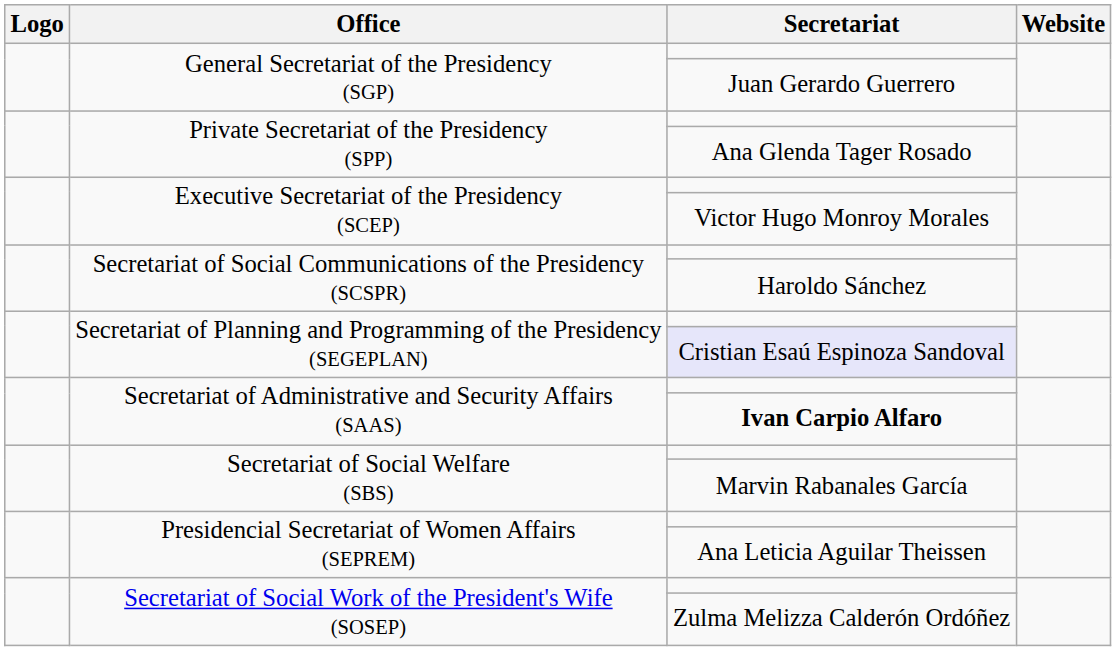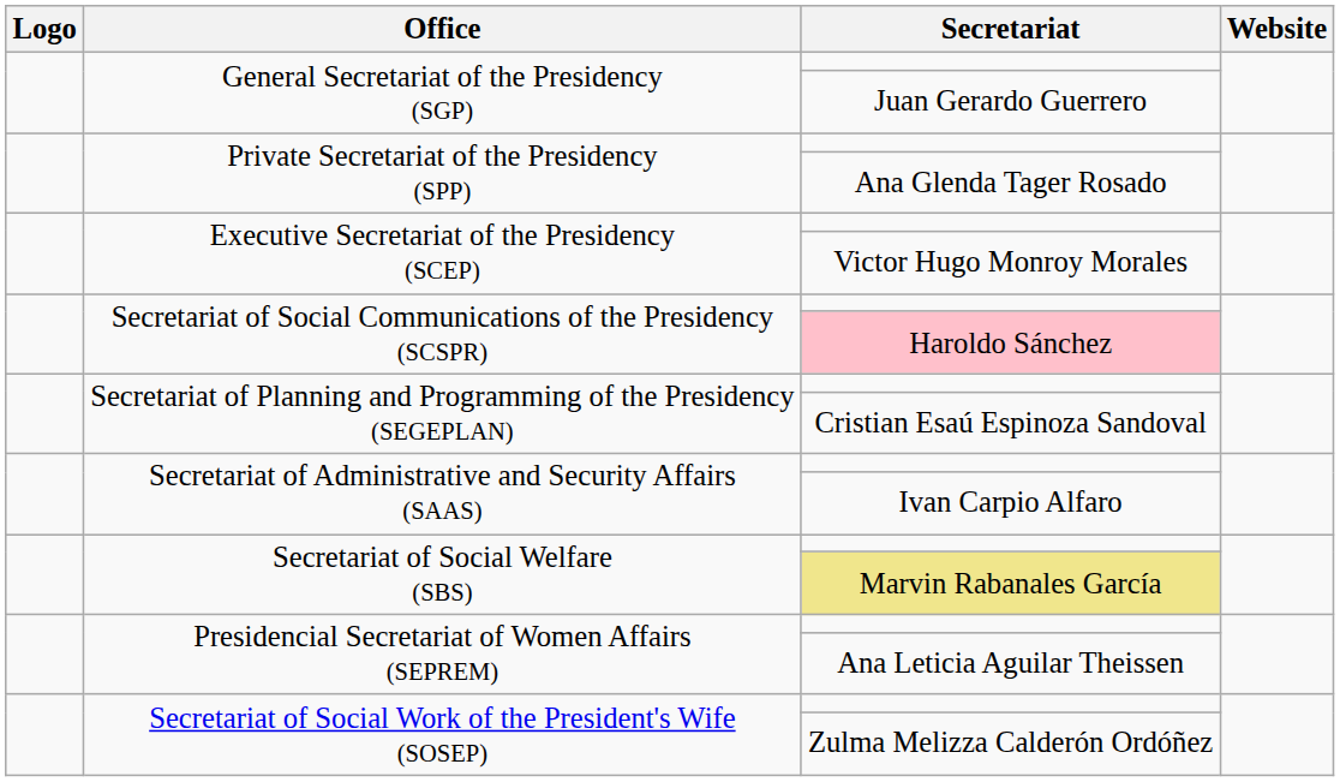 <table class="wikitable" style="text-align:Center">
 <tr>
 <th>Logo</th>
 <th>Office</th>
 <th>Secretariat</th>
 <th>Website</th>
 </tr>
 <tr>
 <td rowspan=2></td>
 <td rowspan=2>General Secretariat of the Presidency<br><small>(SGP)</small></td>
 <td></td>
 <td rowspan=2></td>
 </tr>
 <tr>
 <td>Juan Gerardo Guerrero</td>
 </tr>
 <tr>
 <td rowspan=2></td>
 <td rowspan=2>Private Secretariat of the Presidency<br><small>(SPP)</small></td>
 <td></td>
 <td rowspan=2><br></td>
 </tr>
 <tr>
 <td>Ana Glenda Tager Rosado</td>
 </tr>
 <tr>
 <td rowspan=2></td>
 <td rowspan=2>Executive Secretariat of the Presidency<br><small>(SCEP)</small></td>
 <td></td>
 <td rowspan=2></td>
 </tr>
 <tr>
 <td>Victor Hugo Monroy Morales</td>
 </tr>
 <tr>
 <td rowspan=2></td>
 <td rowspan=2>Secretariat of Social Communications of the Presidency<br><small>(SCSPR)</small></td>
 <td></td>
 <td rowspan=2></td>
 </tr>
 <tr>
-<td>Haroldo Sánchez</td>
+<td style="background: pink;">Haroldo Sánchez</td>
 </tr>
 <tr>
 <td rowspan=2></td>
 <td rowspan=2>Secretariat of Planning and Programming of the Presidency<br><small>(SEGEPLAN)</small></td>
 <td></td>
 <td rowspan=2></td>
 </tr>
 <tr>
-<td style="background: lavender;">Cristian Esaú Espinoza Sandoval</td>
+<td>Cristian Esaú Espinoza Sandoval</td>
 </tr>
 <tr>
 <td rowspan=2></td>
 <td rowspan=2>Secretariat of Administrative and Security Affairs<br><small>(SAAS)</small></td>
 <td></td>
 <td rowspan=2></td>
 </tr>
 <tr>
-<td><strong>Ivan Carpio Alfaro</strong></td>
+<td>Ivan Carpio Alfaro</td>
 </tr>
 <tr>
 <td rowspan=2></td>
 <td rowspan=2>Secretariat of Social Welfare<br><small>(SBS)</small></td>
 <td></td>
 <td rowspan=2></td>
 </tr>
 <tr>
-<td>Marvin Rabanales García</td>
+<td style="background: khaki;">Marvin Rabanales García</td>
 </tr>
 <tr>
 <td rowspan=2></td>
 <td rowspan=2>Presidencial Secretariat of Women Affairs<br><small>(SEPREM)</small></td>
 <td></td>
 <td rowspan=2></td>
 </tr>
 <tr>
 <td>Ana Leticia Aguilar Theissen</td>
 </tr>
 <tr>
 <td rowspan=2></td>
 <td rowspan=2><a href='#'>Secretariat of Social Work of the President's Wife</a><br><small>(SOSEP)</small></td>
 <td></td>
 <td rowspan=2></td>
 </tr>
 <tr>
 <td>Zulma Melizza Calderón Ordóñez</td>
 </tr>
 </table>
